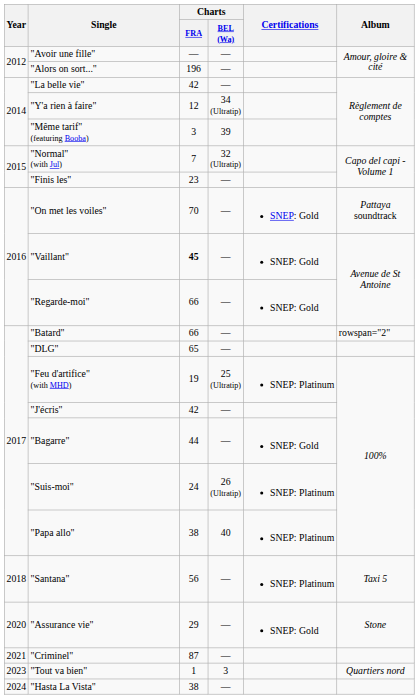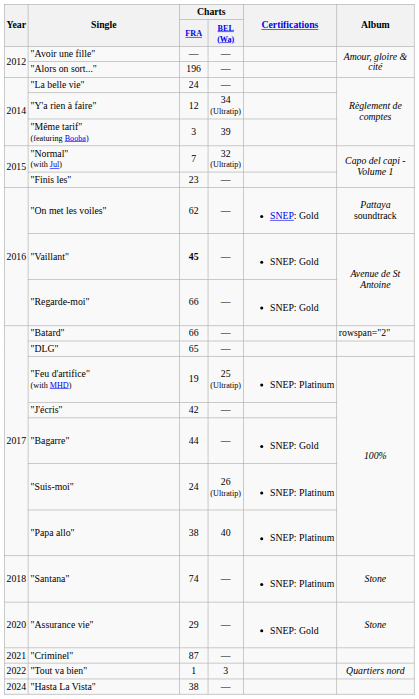 <table class="wikitable">
 <tr>
 <th align="center" rowspan="2" width="10">Year</th>
 <th align="center" rowspan="2" width="240">Single</th>
 <th align="center" colspan="2">Charts</th>
 <th rowspan="2"><a href='#'>Certifications</a></th>
 <th align="center" rowspan="2" width="120">Album</th>
 </tr>
 <tr>
 <th width="40"><small><a href='#'>FRA</a></small><br></th>
 <th width="40"><small><a href='#'>BEL<br>(Wa)</a></small><br></th>
 </tr>
 <tr>
 <td align="center" rowspan="2">2012</td>
 <td>"Avoir une fille"</td>
 <td align="center">—</td>
 <td align="center">—</td>
 <td></td>
 <td align="center" rowspan=2><em>Amour, gloire & cité</em></td>
 </tr>
 <tr>
 <td>"Alors on sort..."</td>
 <td align="center">196</td>
 <td align="center">—</td>
 <td></td>
 </tr>
 <tr>
 <td align="center" rowspan="3">2014</td>
 <td>"La belle vie"</td>
-<td align="center">42</td>
+<td align="center">24</td>
 <td align="center">—</td>
 <td></td>
 <td align="center" rowspan=3><em>Règlement de comptes</em></td>
 </tr>
 <tr>
 <td>"Y'a rien à faire"</td>
 <td align="center">12</td>
 <td align="center">34<br><small>(Ultratip)</small></td>
 <td></td>
 </tr>
 <tr>
 <td>"Même tarif" <br><small>(featuring <a href='#'>Booba</a>)</small></td>
 <td align="center">3</td>
 <td align="center">39</td>
 <td></td>
 </tr>
 <tr>
 <td align="center" rowspan="2">2015</td>
 <td>"Normal"<br><small>(with <a href='#'>Jul</a>)</small></td>
 <td align="center">7</td>
 <td align="center">32<br><small>(Ultratip)</small></td>
 <td></td>
 <td align="center" rowspan=2><em>Capo del capi - Volume 1</em></td>
 </tr>
 <tr>
 <td>"Finis les"</td>
 <td align="center">23</td>
 <td align="center">—</td>
 <td></td>
 </tr>
 <tr>
 <td align="center" rowspan="3">2016</td>
 <td>"On met les voiles"</td>
-<td align="center">70</td>
+<td align="center">62</td>
 <td align="center">—</td>
 <td><br><ul><li><a href='#'>SNEP</a>: Gold</li></ul></td>
 <td align="center"><em>Pattaya</em> soundtrack</td>
 </tr>
 <tr>
 <td>"Vaillant"</td>
 <td align="center"><strong>45</strong></td>
 <td align="center">—</td>
 <td><br><ul><li>SNEP: Gold</li></ul></td>
 <td align="center" rowspan="2"><em>Avenue de St Antoine</em></td>
 </tr>
 <tr>
 <td>"Regarde-moi"</td>
 <td align="center">66</td>
 <td align="center">—</td>
 <td><br><ul><li>SNEP: Gold</li></ul></td>
 </tr>
 <tr>
 <td align="center" rowspan="7">2017</td>
 <td>"Batard"</td>
 <td align="center">66</td>
 <td align="center">—</td>
 <td></td>
 <td>rowspan="2" </td>
 </tr>
 <tr>
 <td>"DLG"</td>
 <td align="center">65</td>
 <td align="center">—</td>
 <td></td>
 </tr>
 <tr>
 <td>"Feu d'artifice"<br><small>(with <a href='#'>MHD</a>)</small></td>
 <td align="center">19</td>
 <td align="center">25<br><small>(Ultratip)</small></td>
 <td><br><ul><li>SNEP: Platinum</li></ul></td>
 <td align="center" rowspan="5"><em>100%</em></td>
 </tr>
 <tr>
 <td>"J'écris"</td>
 <td align="center">42</td>
 <td align="center">—</td>
 <td></td>
 </tr>
 <tr>
 <td>"Bagarre"</td>
 <td align="center">44<br></td>
 <td align="center">—</td>
 <td><br><ul><li>SNEP: Gold</li></ul></td>
 </tr>
 <tr>
 <td>"Suis-moi"</td>
 <td align="center">24<br></td>
 <td align="center">26<br><small>(Ultratip)</small></td>
 <td><br><ul><li>SNEP: Platinum</li></ul></td>
 </tr>
 <tr>
 <td>"Papa allo"</td>
 <td align="center">38</td>
 <td align="center">40</td>
 <td><br><ul><li>SNEP: Platinum</li></ul></td>
 </tr>
 <tr>
 <td align="center">2018</td>
 <td>"Santana"</td>
-<td align="center">56</td>
+<td align="center">74</td>
 <td align="center">—</td>
 <td><br><ul><li>SNEP: Platinum</li></ul></td>
-<td align=center><em>Taxi 5</em></td>
+<td align=center><em>Stone</em></td>
 </tr>
 <tr>
 <td align="center">2020</td>
 <td>"Assurance vie"</td>
 <td align="center">29</td>
 <td align="center">—</td>
 <td><br><ul><li>SNEP: Gold</li></ul></td>
 <td align=center><em>Stone</em></td>
 </tr>
 <tr>
 <td align="center">2021</td>
 <td>"Criminel"</td>
 <td align="center">87</td>
 <td align="center">—</td>
 <td></td>
 <td></td>
 </tr>
 <tr>
-<td align="center">2023</td>
+<td align="center">2022</td>
 <td>"Tout va bien"<br></td>
 <td align="center">1</td>
 <td align="center">3</td>
 <td></td>
 <td align="center"><em>Quartiers nord</em></td>
 </tr>
 <tr>
 <td align="center">2024</td>
 <td>"Hasta La Vista"</td>
 <td align="center">38</td>
 <td align="center">—</td>
 <td></td>
 <td></td>
 </tr>
 </table>
